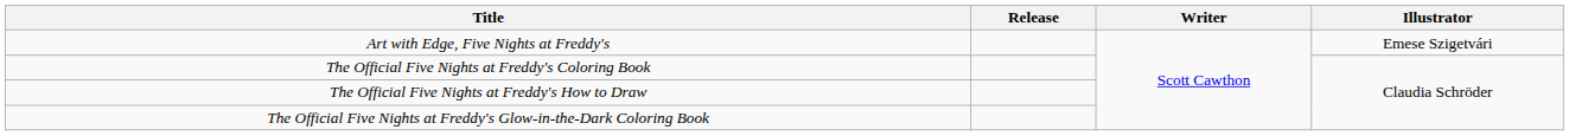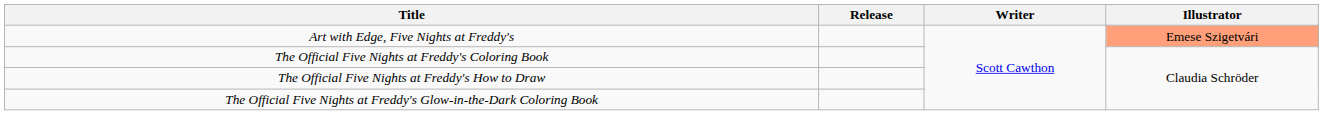 <table class="wikitable plainrowheaders sortable" style="text-align:center" border="1" width="100%">
 <tr>
 <th scope="col">Title</th>
 <th scope="col">Release</th>
 <th scope="col">Writer</th>
 <th scope="col">Illustrator</th>
 </tr>
 <tr>
 <td><em>Art with Edge, Five Nights at Freddy's</em></td>
 <td></td>
 <td rowspan="4"><a href='#'>Scott Cawthon</a></td>
-<td>Emese Szigetvári</td>
+<td style="background: lightsalmon;">Emese Szigetvári</td>
 </tr>
 <tr>
 <td><em>The Official Five Nights at Freddy's Coloring Book</em></td>
 <td></td>
 <td rowspan="3">Claudia Schröder</td>
 </tr>
 <tr>
 <td><em>The Official Five Nights at Freddy's How to Draw</em></td>
 <td></td>
 </tr>
 <tr>
 <td><em>The Official Five Nights at Freddy's Glow-in-the-Dark Coloring Book</em></td>
 <td></td>
 </tr>
 </table>
